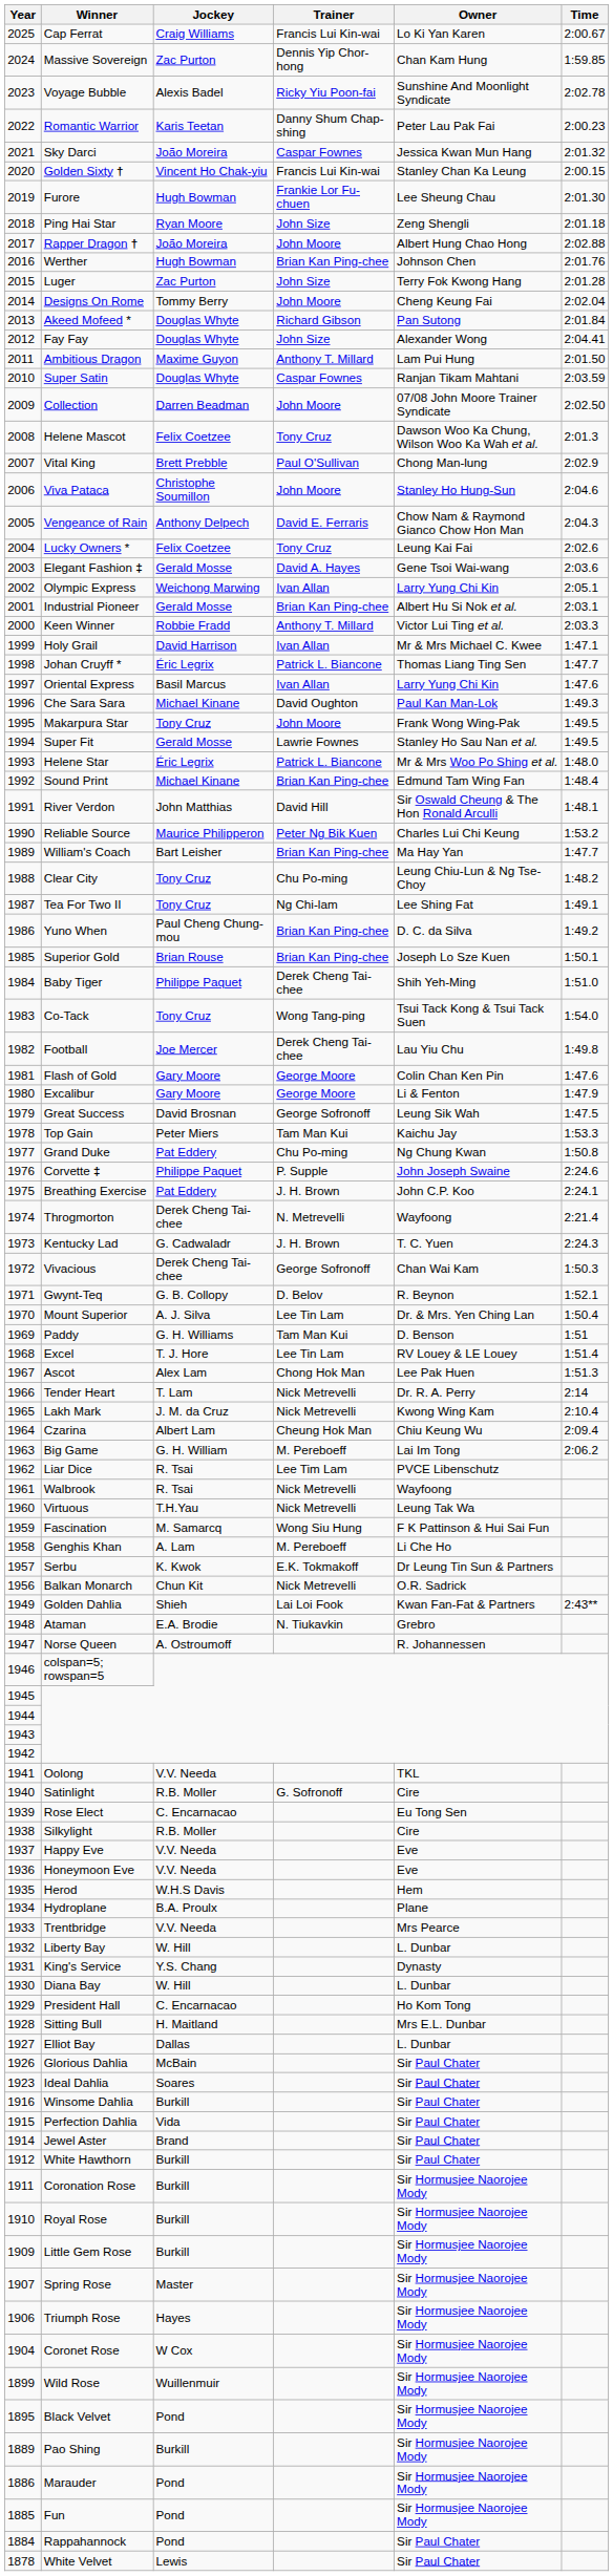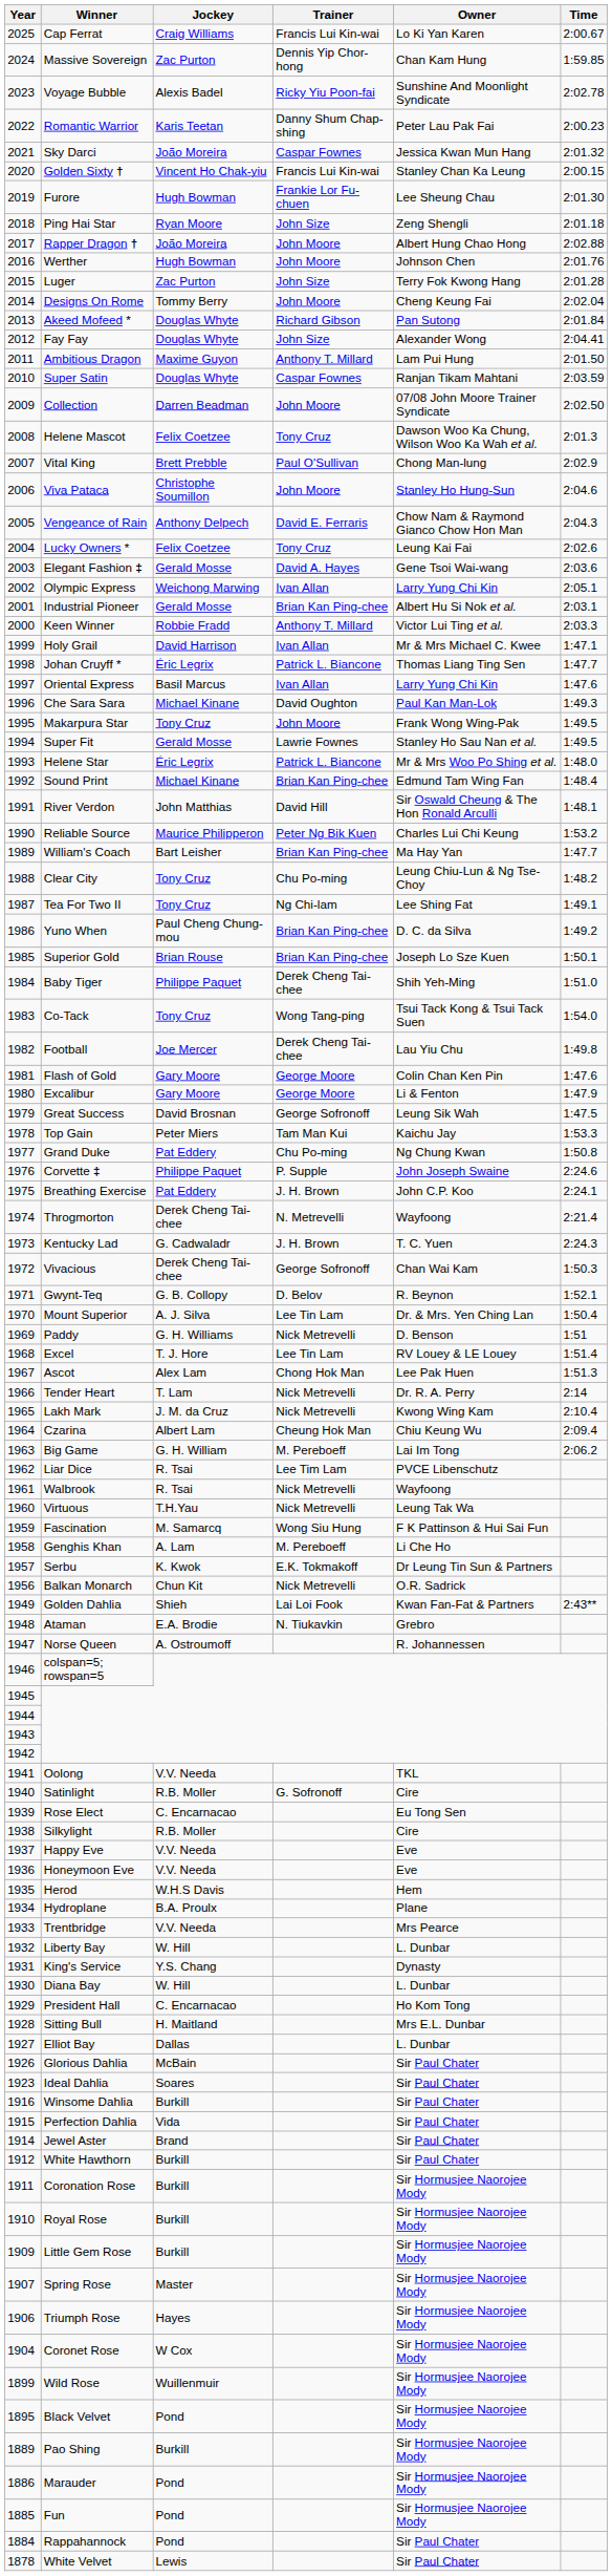 <table class="wikitable sortable" style="font-size:90%">
 <tr>
 <th style="width:36px">Year<br></th>
 <th style="width:125px">Winner<br></th>
 <th style="width:135px">Jockey<br></th>
 <th style="width:135px">Trainer<br></th>
 <th style="width:190px">Owner<br></th>
 <th>Time<br></th>
 </tr>
 <tr>
 <td>2025</td>
 <td>Cap Ferrat</td>
 <td><a href='#'>Craig Williams</a></td>
 <td>Francis Lui Kin-wai</td>
 <td>Lo Ki Yan Karen</td>
 <td>2:00.67</td>
 </tr>
 <tr>
 <td>2024</td>
 <td>Massive Sovereign</td>
 <td><a href='#'>Zac Purton</a></td>
 <td>Dennis Yip Chor-hong</td>
 <td>Chan Kam Hung</td>
 <td>1:59.85</td>
 </tr>
 <tr>
 <td>2023</td>
 <td>Voyage Bubble</td>
 <td>Alexis Badel</td>
 <td><a href='#'>Ricky Yiu Poon-fai</a></td>
 <td>Sunshine And Moonlight Syndicate</td>
 <td>2:02.78</td>
 </tr>
 <tr>
 <td>2022</td>
 <td><a href='#'>Romantic Warrior</a></td>
 <td><a href='#'>Karis Teetan</a></td>
 <td>Danny Shum Chap-shing</td>
 <td>Peter Lau Pak Fai</td>
 <td>2:00.23</td>
 </tr>
 <tr>
 <td>2021</td>
 <td>Sky Darci</td>
 <td><a href='#'>João Moreira</a></td>
 <td><a href='#'>Caspar Fownes</a></td>
 <td>Jessica Kwan Mun Hang</td>
 <td>2:01.32</td>
 </tr>
 <tr>
 <td>2020</td>
 <td><a href='#'>Golden Sixty</a> <strong>†</strong></td>
 <td><a href='#'>Vincent Ho Chak-yiu</a></td>
 <td>Francis Lui Kin-wai</td>
 <td>Stanley Chan Ka Leung</td>
 <td>2:00.15</td>
 </tr>
 <tr>
 <td>2019</td>
 <td>Furore</td>
 <td><a href='#'>Hugh Bowman</a></td>
 <td><a href='#'>Frankie Lor Fu-chuen</a></td>
 <td>Lee Sheung Chau</td>
 <td>2:01.30</td>
 </tr>
 <tr>
 <td>2018</td>
 <td>Ping Hai Star</td>
 <td><a href='#'>Ryan Moore</a></td>
 <td><a href='#'>John Size</a></td>
 <td>Zeng Shengli</td>
 <td>2:01.18</td>
 </tr>
 <tr>
 <td>2017</td>
 <td><a href='#'>Rapper Dragon</a> <strong>†</strong></td>
 <td><a href='#'>João Moreira</a></td>
 <td><a href='#'>John Moore</a></td>
 <td>Albert Hung Chao Hong</td>
 <td>2:02.88</td>
 </tr>
 <tr>
 <td>2016</td>
 <td>Werther</td>
 <td><a href='#'>Hugh Bowman</a></td>
-<td><a href='#'>Brian Kan Ping-chee</a></td>
+<td><a href='#'>John Moore</a></td>
 <td>Johnson Chen</td>
 <td>2:01.76</td>
 </tr>
 <tr>
 <td>2015</td>
 <td>Luger</td>
 <td><a href='#'>Zac Purton</a></td>
 <td><a href='#'>John Size</a></td>
 <td>Terry Fok Kwong Hang</td>
 <td>2:01.28</td>
 </tr>
 <tr>
 <td>2014</td>
 <td><a href='#'>Designs On Rome</a></td>
 <td>Tommy Berry</td>
 <td><a href='#'>John Moore</a></td>
 <td>Cheng Keung Fai</td>
 <td>2:02.04</td>
 </tr>
 <tr>
 <td>2013</td>
 <td><a href='#'>Akeed Mofeed</a> *</td>
 <td><a href='#'>Douglas Whyte</a></td>
 <td><a href='#'>Richard Gibson</a></td>
 <td><a href='#'>Pan Sutong</a></td>
 <td>2:01.84</td>
 </tr>
 <tr>
 <td>2012</td>
 <td>Fay Fay</td>
 <td><a href='#'>Douglas Whyte</a></td>
 <td><a href='#'>John Size</a></td>
 <td>Alexander Wong</td>
 <td>2:04.41</td>
 </tr>
 <tr>
 <td>2011</td>
 <td><a href='#'>Ambitious Dragon</a></td>
 <td><a href='#'>Maxime Guyon</a></td>
 <td><a href='#'>Anthony T. Millard</a></td>
 <td>Lam Pui Hung</td>
 <td>2:01.50</td>
 </tr>
 <tr>
 <td>2010</td>
 <td><a href='#'>Super Satin</a></td>
 <td><a href='#'>Douglas Whyte</a></td>
 <td><a href='#'>Caspar Fownes</a></td>
 <td>Ranjan Tikam Mahtani</td>
 <td>2:03.59</td>
 </tr>
 <tr>
 <td>2009</td>
 <td><a href='#'>Collection</a></td>
 <td><a href='#'>Darren Beadman</a></td>
 <td><a href='#'>John Moore</a></td>
 <td>07/08 John Moore Trainer Syndicate</td>
 <td>2:02.50</td>
 </tr>
 <tr>
 <td>2008</td>
 <td>Helene Mascot</td>
 <td><a href='#'>Felix Coetzee</a></td>
 <td><a href='#'>Tony Cruz</a></td>
 <td>Dawson Woo Ka Chung, Wilson Woo Ka Wah  <em>et al.</em></td>
 <td>2:01.3</td>
 </tr>
 <tr>
 <td>2007</td>
 <td>Vital King</td>
 <td><a href='#'>Brett Prebble</a></td>
 <td><a href='#'>Paul O'Sullivan</a></td>
 <td>Chong Man-lung</td>
 <td>2:02.9</td>
 </tr>
 <tr>
 <td>2006</td>
 <td><a href='#'>Viva Pataca</a></td>
 <td><a href='#'>Christophe Soumillon</a></td>
 <td><a href='#'>John Moore</a></td>
 <td><a href='#'>Stanley Ho Hung-Sun</a></td>
 <td>2:04.6</td>
 </tr>
 <tr>
 <td>2005</td>
 <td><a href='#'>Vengeance of Rain</a></td>
 <td><a href='#'>Anthony Delpech</a></td>
 <td><a href='#'>David E. Ferraris</a></td>
 <td>Chow Nam & Raymond Gianco Chow Hon Man</td>
 <td>2:04.3</td>
 </tr>
 <tr>
 <td>2004</td>
 <td><a href='#'>Lucky Owners</a> *</td>
 <td><a href='#'>Felix Coetzee</a></td>
 <td><a href='#'>Tony Cruz</a></td>
 <td>Leung Kai Fai</td>
 <td>2:02.6</td>
 </tr>
 <tr>
 <td>2003</td>
 <td>Elegant Fashion <strong>‡</strong></td>
 <td><a href='#'>Gerald Mosse</a></td>
 <td><a href='#'>David A. Hayes</a></td>
 <td>Gene Tsoi Wai-wang</td>
 <td>2:03.6</td>
 </tr>
 <tr>
 <td>2002</td>
 <td>Olympic Express</td>
 <td><a href='#'>Weichong Marwing</a></td>
 <td><a href='#'>Ivan Allan</a></td>
 <td><a href='#'>Larry Yung Chi Kin</a></td>
 <td>2:05.1</td>
 </tr>
 <tr>
 <td>2001</td>
 <td>Industrial Pioneer</td>
 <td><a href='#'>Gerald Mosse</a></td>
 <td><a href='#'>Brian Kan Ping-chee</a></td>
 <td>Albert Hu Si Nok <em>et al.</em></td>
 <td>2:03.1</td>
 </tr>
 <tr>
 <td>2000</td>
 <td>Keen Winner</td>
 <td><a href='#'>Robbie Fradd</a></td>
 <td><a href='#'>Anthony T. Millard</a></td>
 <td>Victor Lui Ting <em>et al.</em></td>
 <td>2:03.3</td>
 </tr>
 <tr>
 <td>1999</td>
 <td>Holy Grail</td>
 <td><a href='#'>David Harrison</a></td>
 <td><a href='#'>Ivan Allan</a></td>
 <td>Mr & Mrs Michael C. Kwee</td>
 <td>1:47.1</td>
 </tr>
 <tr>
 <td>1998</td>
 <td>Johan Cruyff *</td>
 <td><a href='#'>Éric Legrix</a></td>
 <td><a href='#'>Patrick L. Biancone</a></td>
 <td>Thomas Liang Ting Sen</td>
 <td>1:47.7</td>
 </tr>
 <tr>
 <td>1997</td>
 <td>Oriental Express</td>
 <td>Basil Marcus</td>
 <td><a href='#'>Ivan Allan</a></td>
 <td><a href='#'>Larry Yung Chi Kin</a></td>
 <td>1:47.6</td>
 </tr>
 <tr>
 <td>1996</td>
 <td>Che Sara Sara</td>
 <td><a href='#'>Michael Kinane</a></td>
 <td>David Oughton</td>
 <td><a href='#'>Paul Kan Man-Lok</a></td>
 <td>1:49.3</td>
 </tr>
 <tr>
 <td>1995</td>
 <td>Makarpura Star</td>
 <td><a href='#'>Tony Cruz</a></td>
 <td><a href='#'>John Moore</a></td>
 <td>Frank Wong Wing-Pak</td>
 <td>1:49.5</td>
 </tr>
 <tr>
 <td>1994</td>
 <td>Super Fit</td>
 <td><a href='#'>Gerald Mosse</a></td>
 <td>Lawrie Fownes</td>
 <td>Stanley Ho Sau Nan <em>et al.</em></td>
 <td>1:49.5</td>
 </tr>
 <tr>
 <td>1993</td>
 <td>Helene Star</td>
 <td><a href='#'>Éric Legrix</a></td>
 <td><a href='#'>Patrick L. Biancone</a></td>
 <td>Mr & Mrs <a href='#'>Woo Po Shing</a> <em>et al.</em></td>
 <td>1:48.0</td>
 </tr>
 <tr>
 <td>1992</td>
 <td>Sound Print</td>
 <td><a href='#'>Michael Kinane</a></td>
 <td><a href='#'>Brian Kan Ping-chee</a></td>
 <td>Edmund Tam Wing Fan</td>
 <td>1:48.4</td>
 </tr>
 <tr>
 <td>1991</td>
 <td>River Verdon</td>
 <td>John Matthias</td>
 <td>David Hill</td>
 <td>Sir <a href='#'>Oswald Cheung</a> & The Hon <a href='#'>Ronald Arculli</a></td>
 <td>1:48.1</td>
 </tr>
 <tr>
 <td>1990</td>
 <td>Reliable Source</td>
 <td><a href='#'>Maurice Philipperon</a></td>
 <td><a href='#'>Peter Ng Bik Kuen</a></td>
 <td>Charles Lui Chi Keung</td>
 <td>1:53.2</td>
 </tr>
 <tr>
 <td>1989</td>
 <td>William's Coach</td>
 <td>Bart Leisher</td>
 <td><a href='#'>Brian Kan Ping-chee</a></td>
 <td>Ma Hay Yan</td>
 <td>1:47.7</td>
 </tr>
 <tr>
 <td>1988</td>
 <td>Clear City</td>
 <td><a href='#'>Tony Cruz</a></td>
 <td>Chu Po-ming</td>
 <td>Leung Chiu-Lun & Ng Tse-Choy</td>
 <td>1:48.2</td>
 </tr>
 <tr>
 <td>1987</td>
 <td>Tea For Two II</td>
 <td><a href='#'>Tony Cruz</a></td>
 <td>Ng Chi-lam</td>
 <td>Lee Shing Fat</td>
 <td>1:49.1</td>
 </tr>
 <tr>
 <td>1986</td>
 <td>Yuno When</td>
 <td>Paul Cheng Chung-mou</td>
 <td><a href='#'>Brian Kan Ping-chee</a></td>
 <td>D. C. da Silva</td>
 <td>1:49.2</td>
 </tr>
 <tr>
 <td>1985</td>
 <td>Superior Gold</td>
 <td><a href='#'>Brian Rouse</a></td>
 <td><a href='#'>Brian Kan Ping-chee</a></td>
 <td>Joseph Lo Sze Kuen</td>
 <td>1:50.1</td>
 </tr>
 <tr>
 <td>1984</td>
 <td>Baby Tiger</td>
 <td><a href='#'>Philippe Paquet</a></td>
 <td>Derek Cheng Tai-chee</td>
 <td>Shih Yeh-Ming</td>
 <td>1:51.0</td>
 </tr>
 <tr>
 <td>1983</td>
 <td>Co-Tack</td>
 <td><a href='#'>Tony Cruz</a></td>
 <td>Wong Tang-ping</td>
 <td>Tsui Tack Kong & Tsui Tack Suen</td>
 <td>1:54.0</td>
 </tr>
 <tr>
 <td>1982</td>
 <td>Football</td>
 <td><a href='#'>Joe Mercer</a></td>
 <td>Derek Cheng Tai-chee</td>
 <td>Lau Yiu Chu</td>
 <td>1:49.8</td>
 </tr>
 <tr>
 <td>1981</td>
 <td>Flash of Gold</td>
 <td><a href='#'>Gary Moore</a></td>
 <td><a href='#'>George Moore</a></td>
 <td>Colin Chan Ken Pin</td>
 <td>1:47.6</td>
 </tr>
 <tr>
 <td>1980</td>
 <td>Excalibur</td>
 <td><a href='#'>Gary Moore</a></td>
 <td><a href='#'>George Moore</a></td>
 <td>Li & Fenton</td>
 <td>1:47.9</td>
 </tr>
 <tr>
 <td>1979</td>
 <td>Great Success</td>
 <td>David Brosnan</td>
 <td>George Sofronoff</td>
 <td>Leung Sik Wah</td>
 <td>1:47.5</td>
 </tr>
 <tr>
 <td>1978</td>
 <td>Top Gain</td>
 <td>Peter Miers</td>
 <td>Tam Man Kui</td>
 <td>Kaichu Jay</td>
 <td>1:53.3</td>
 </tr>
 <tr>
 <td>1977</td>
 <td>Grand Duke</td>
 <td><a href='#'>Pat Eddery</a></td>
 <td>Chu Po-ming</td>
 <td>Ng Chung Kwan</td>
 <td>1:50.8</td>
 </tr>
 <tr>
 <td>1976</td>
 <td>Corvette <strong>‡</strong></td>
 <td><a href='#'>Philippe Paquet</a></td>
 <td>P. Supple</td>
 <td><a href='#'>John Joseph Swaine</a></td>
 <td>2:24.6</td>
 </tr>
 <tr>
 <td>1975</td>
 <td>Breathing Exercise</td>
 <td><a href='#'>Pat Eddery</a></td>
 <td>J. H. Brown</td>
 <td>John C.P. Koo</td>
 <td>2:24.1</td>
 </tr>
 <tr>
 <td>1974</td>
 <td>Throgmorton</td>
 <td>Derek Cheng Tai-chee</td>
 <td>N. Metrevelli</td>
 <td>Wayfoong</td>
 <td>2:21.4</td>
 </tr>
 <tr>
 <td>1973</td>
 <td>Kentucky Lad</td>
 <td>G. Cadwaladr</td>
 <td>J. H. Brown</td>
 <td>T. C. Yuen</td>
 <td>2:24.3</td>
 </tr>
 <tr>
 <td>1972</td>
 <td>Vivacious</td>
 <td>Derek Cheng Tai-chee</td>
 <td>George Sofronoff</td>
 <td>Chan Wai Kam</td>
 <td>1:50.3</td>
 </tr>
 <tr>
 <td>1971</td>
 <td>Gwynt-Teq</td>
 <td>G. B. Collopy</td>
 <td>D. Belov</td>
 <td>R. Beynon</td>
 <td>1:52.1</td>
 </tr>
 <tr>
 <td>1970</td>
 <td>Mount Superior</td>
 <td>A. J. Silva</td>
 <td>Lee Tin Lam</td>
 <td>Dr. & Mrs. Yen Ching Lan</td>
 <td>1:50.4</td>
 </tr>
 <tr>
 <td>1969</td>
 <td>Paddy</td>
 <td>G. H. Williams</td>
-<td>Tam Man Kui</td>
+<td>Nick Metrevelli</td>
 <td>D. Benson</td>
 <td>1:51</td>
 </tr>
 <tr>
 <td>1968</td>
 <td>Excel</td>
 <td>T. J. Hore</td>
 <td>Lee Tin Lam</td>
 <td>RV Louey & LE Louey</td>
 <td>1:51.4</td>
 </tr>
 <tr>
 <td>1967</td>
 <td>Ascot</td>
 <td>Alex Lam</td>
 <td>Chong Hok Man</td>
 <td>Lee Pak Huen</td>
 <td>1:51.3</td>
 </tr>
 <tr>
 <td>1966</td>
 <td>Tender Heart</td>
 <td>T. Lam</td>
 <td>Nick Metrevelli</td>
 <td>Dr. R. A. Perry</td>
 <td>2:14</td>
 </tr>
 <tr>
 <td>1965</td>
 <td>Lakh Mark</td>
 <td>J. M. da Cruz</td>
 <td>Nick Metrevelli</td>
 <td>Kwong Wing Kam</td>
 <td>2:10.4</td>
 </tr>
 <tr>
 <td>1964</td>
 <td>Czarina</td>
 <td>Albert Lam</td>
 <td>Cheung Hok Man</td>
 <td>Chiu Keung Wu</td>
 <td>2:09.4</td>
 </tr>
 <tr>
 <td>1963</td>
 <td>Big Game</td>
 <td>G. H. William</td>
 <td>M. Pereboeff</td>
 <td>Lai Im Tong</td>
 <td>2:06.2</td>
 </tr>
 <tr>
 <td>1962</td>
 <td>Liar Dice</td>
 <td>R. Tsai</td>
 <td>Lee Tim Lam</td>
 <td>PVCE Libenschutz</td>
 <td></td>
 </tr>
 <tr>
 <td>1961</td>
 <td>Walbrook</td>
 <td>R. Tsai</td>
 <td>Nick Metrevelli</td>
 <td>Wayfoong</td>
 <td></td>
 </tr>
 <tr>
 <td>1960</td>
 <td>Virtuous</td>
 <td>T.H.Yau</td>
 <td>Nick Metrevelli</td>
 <td>Leung Tak Wa</td>
 <td></td>
 </tr>
 <tr>
 <td>1959</td>
 <td>Fascination</td>
 <td>M. Samarcq</td>
 <td>Wong Siu Hung</td>
 <td>F K Pattinson & Hui Sai Fun</td>
 <td></td>
 </tr>
 <tr>
 <td>1958</td>
 <td>Genghis Khan</td>
 <td>A. Lam</td>
 <td>M. Pereboeff</td>
 <td>Li Che Ho</td>
 <td></td>
 </tr>
 <tr>
 <td>1957</td>
 <td>Serbu</td>
 <td>K. Kwok</td>
 <td>E.K. Tokmakoff</td>
 <td>Dr Leung Tin Sun & Partners</td>
 <td></td>
 </tr>
 <tr>
 <td>1956</td>
 <td>Balkan Monarch</td>
 <td>Chun Kit</td>
 <td>Nick Metrevelli</td>
 <td>O.R. Sadrick</td>
 <td></td>
 </tr>
 <tr>
 <td>1949</td>
 <td>Golden Dahlia</td>
 <td>Shieh</td>
 <td>Lai Loi Fook</td>
 <td>Kwan Fan-Fat   & Partners</td>
 <td>2:43**</td>
 </tr>
 <tr>
 <td>1948</td>
 <td>Ataman</td>
 <td>E.A. Brodie</td>
 <td>N. Tiukavkin</td>
 <td>Grebro</td>
 <td></td>
 </tr>
 <tr>
 <td>1947</td>
 <td>Norse Queen</td>
 <td>A. Ostroumoff</td>
 <td></td>
 <td>R. Johannessen</td>
 <td></td>
 </tr>
 <tr>
 <td>1946</td>
 <td>colspan=5; rowspan=5</td>
 </tr>
 <tr>
 <td>1945</td>
 </tr>
 <tr>
 <td>1944</td>
 </tr>
 <tr>
 <td>1943</td>
 </tr>
 <tr>
 <td>1942</td>
 </tr>
 <tr>
 <td>1941</td>
 <td>Oolong</td>
 <td>V.V. Needa</td>
 <td></td>
 <td>TKL</td>
 <td></td>
 </tr>
 <tr>
 <td>1940</td>
 <td>Satinlight</td>
 <td>R.B. Moller</td>
 <td>G. Sofronoff</td>
 <td>Cire</td>
 <td></td>
 </tr>
 <tr>
 <td>1939</td>
 <td>Rose Elect</td>
 <td>C. Encarnacao</td>
 <td></td>
 <td>Eu Tong Sen</td>
 <td></td>
 </tr>
 <tr>
 <td>1938</td>
 <td>Silkylight</td>
 <td>R.B. Moller</td>
 <td></td>
 <td>Cire</td>
 <td></td>
 </tr>
 <tr>
 <td>1937</td>
 <td>Happy Eve</td>
 <td>V.V. Needa</td>
 <td></td>
 <td>Eve</td>
 <td></td>
 </tr>
 <tr>
 <td>1936</td>
 <td>Honeymoon Eve</td>
 <td>V.V. Needa</td>
 <td></td>
 <td>Eve</td>
 <td></td>
 </tr>
 <tr>
 <td>1935</td>
 <td>Herod</td>
 <td>W.H.S Davis</td>
 <td></td>
 <td>Hem</td>
 <td></td>
 </tr>
 <tr>
 <td>1934</td>
 <td>Hydroplane</td>
 <td>B.A. Proulx</td>
 <td></td>
 <td>Plane</td>
 <td></td>
 </tr>
 <tr>
 <td>1933</td>
 <td>Trentbridge</td>
 <td>V.V. Needa</td>
 <td></td>
 <td>Mrs Pearce</td>
 <td></td>
 </tr>
 <tr>
 <td>1932</td>
 <td>Liberty Bay</td>
 <td>W. Hill</td>
 <td></td>
 <td>L. Dunbar</td>
 <td></td>
 </tr>
 <tr>
 <td>1931</td>
 <td>King's Service</td>
 <td>Y.S. Chang</td>
 <td></td>
 <td>Dynasty</td>
 <td></td>
 </tr>
 <tr>
 <td>1930</td>
 <td>Diana Bay</td>
 <td>W. Hill</td>
 <td></td>
 <td>L. Dunbar</td>
 <td></td>
 </tr>
 <tr>
 <td>1929</td>
 <td>President Hall</td>
 <td>C. Encarnacao</td>
 <td></td>
 <td>Ho Kom Tong</td>
 <td></td>
 </tr>
 <tr>
 <td>1928</td>
 <td>Sitting Bull</td>
 <td>H. Maitland</td>
 <td></td>
 <td>Mrs E.L. Dunbar</td>
 <td></td>
 </tr>
 <tr>
 <td>1927</td>
 <td>Elliot Bay</td>
 <td>Dallas</td>
 <td></td>
 <td>L. Dunbar</td>
 <td></td>
 </tr>
 <tr>
 <td>1926</td>
 <td>Glorious Dahlia</td>
 <td>McBain</td>
 <td></td>
 <td>Sir <a href='#'>Paul Chater</a></td>
 <td></td>
 </tr>
 <tr>
 <td>1923</td>
 <td>Ideal Dahlia</td>
 <td>Soares</td>
 <td></td>
 <td>Sir <a href='#'>Paul Chater</a></td>
 <td></td>
 </tr>
 <tr>
 <td>1916</td>
 <td>Winsome Dahlia</td>
 <td>Burkill</td>
 <td></td>
 <td>Sir <a href='#'>Paul Chater</a></td>
 <td></td>
 </tr>
 <tr>
 <td>1915</td>
 <td>Perfection Dahlia</td>
 <td>Vida</td>
 <td></td>
 <td>Sir <a href='#'>Paul Chater</a></td>
 <td></td>
 </tr>
 <tr>
 <td>1914</td>
 <td>Jewel Aster</td>
 <td>Brand</td>
 <td></td>
 <td>Sir <a href='#'>Paul Chater</a></td>
 <td></td>
 </tr>
 <tr>
 <td>1912</td>
 <td>White Hawthorn</td>
 <td>Burkill</td>
 <td></td>
 <td>Sir <a href='#'>Paul Chater</a></td>
 <td></td>
 </tr>
 <tr>
 <td>1911</td>
 <td>Coronation Rose</td>
 <td>Burkill</td>
 <td></td>
 <td>Sir <a href='#'>Hormusjee Naorojee Mody</a></td>
 <td></td>
 </tr>
 <tr>
 <td>1910</td>
 <td>Royal Rose</td>
 <td>Burkill</td>
 <td></td>
 <td>Sir <a href='#'>Hormusjee Naorojee Mody</a></td>
 <td></td>
 </tr>
 <tr>
 <td>1909</td>
 <td>Little Gem Rose</td>
 <td>Burkill</td>
 <td></td>
 <td>Sir <a href='#'>Hormusjee Naorojee Mody</a></td>
 <td></td>
 </tr>
 <tr>
 <td>1907</td>
 <td>Spring Rose</td>
 <td>Master</td>
 <td></td>
 <td>Sir <a href='#'>Hormusjee Naorojee Mody</a></td>
 <td></td>
 </tr>
 <tr>
 <td>1906</td>
 <td>Triumph Rose</td>
 <td>Hayes</td>
 <td></td>
 <td>Sir <a href='#'>Hormusjee Naorojee Mody</a></td>
 <td></td>
 </tr>
 <tr>
 <td>1904</td>
 <td>Coronet Rose</td>
 <td>W Cox</td>
 <td></td>
 <td>Sir <a href='#'>Hormusjee Naorojee Mody</a></td>
 <td></td>
 </tr>
 <tr>
 <td>1899</td>
 <td>Wild Rose</td>
 <td>Wuillenmuir</td>
 <td></td>
 <td>Sir <a href='#'>Hormusjee Naorojee Mody</a></td>
 <td></td>
 </tr>
 <tr>
 <td>1895</td>
 <td>Black Velvet</td>
 <td>Pond</td>
 <td></td>
 <td>Sir <a href='#'>Hormusjee Naorojee Mody</a></td>
 <td></td>
 </tr>
 <tr>
 <td>1889</td>
 <td>Pao Shing</td>
 <td>Burkill</td>
 <td></td>
 <td>Sir <a href='#'>Hormusjee Naorojee Mody</a></td>
 <td></td>
 </tr>
 <tr>
 <td>1886</td>
 <td>Marauder</td>
 <td>Pond</td>
 <td></td>
 <td>Sir <a href='#'>Hormusjee Naorojee Mody</a></td>
 <td></td>
 </tr>
 <tr>
 <td>1885</td>
 <td>Fun</td>
 <td>Pond</td>
 <td></td>
 <td>Sir <a href='#'>Hormusjee Naorojee Mody</a></td>
 <td></td>
 </tr>
 <tr>
 <td>1884</td>
 <td>Rappahannock</td>
 <td>Pond</td>
 <td></td>
 <td>Sir <a href='#'>Paul Chater</a></td>
 <td></td>
 </tr>
 <tr>
 <td>1878</td>
 <td>White Velvet</td>
 <td>Lewis</td>
 <td></td>
 <td>Sir <a href='#'>Paul Chater</a></td>
 <td></td>
 </tr>
 </table>
